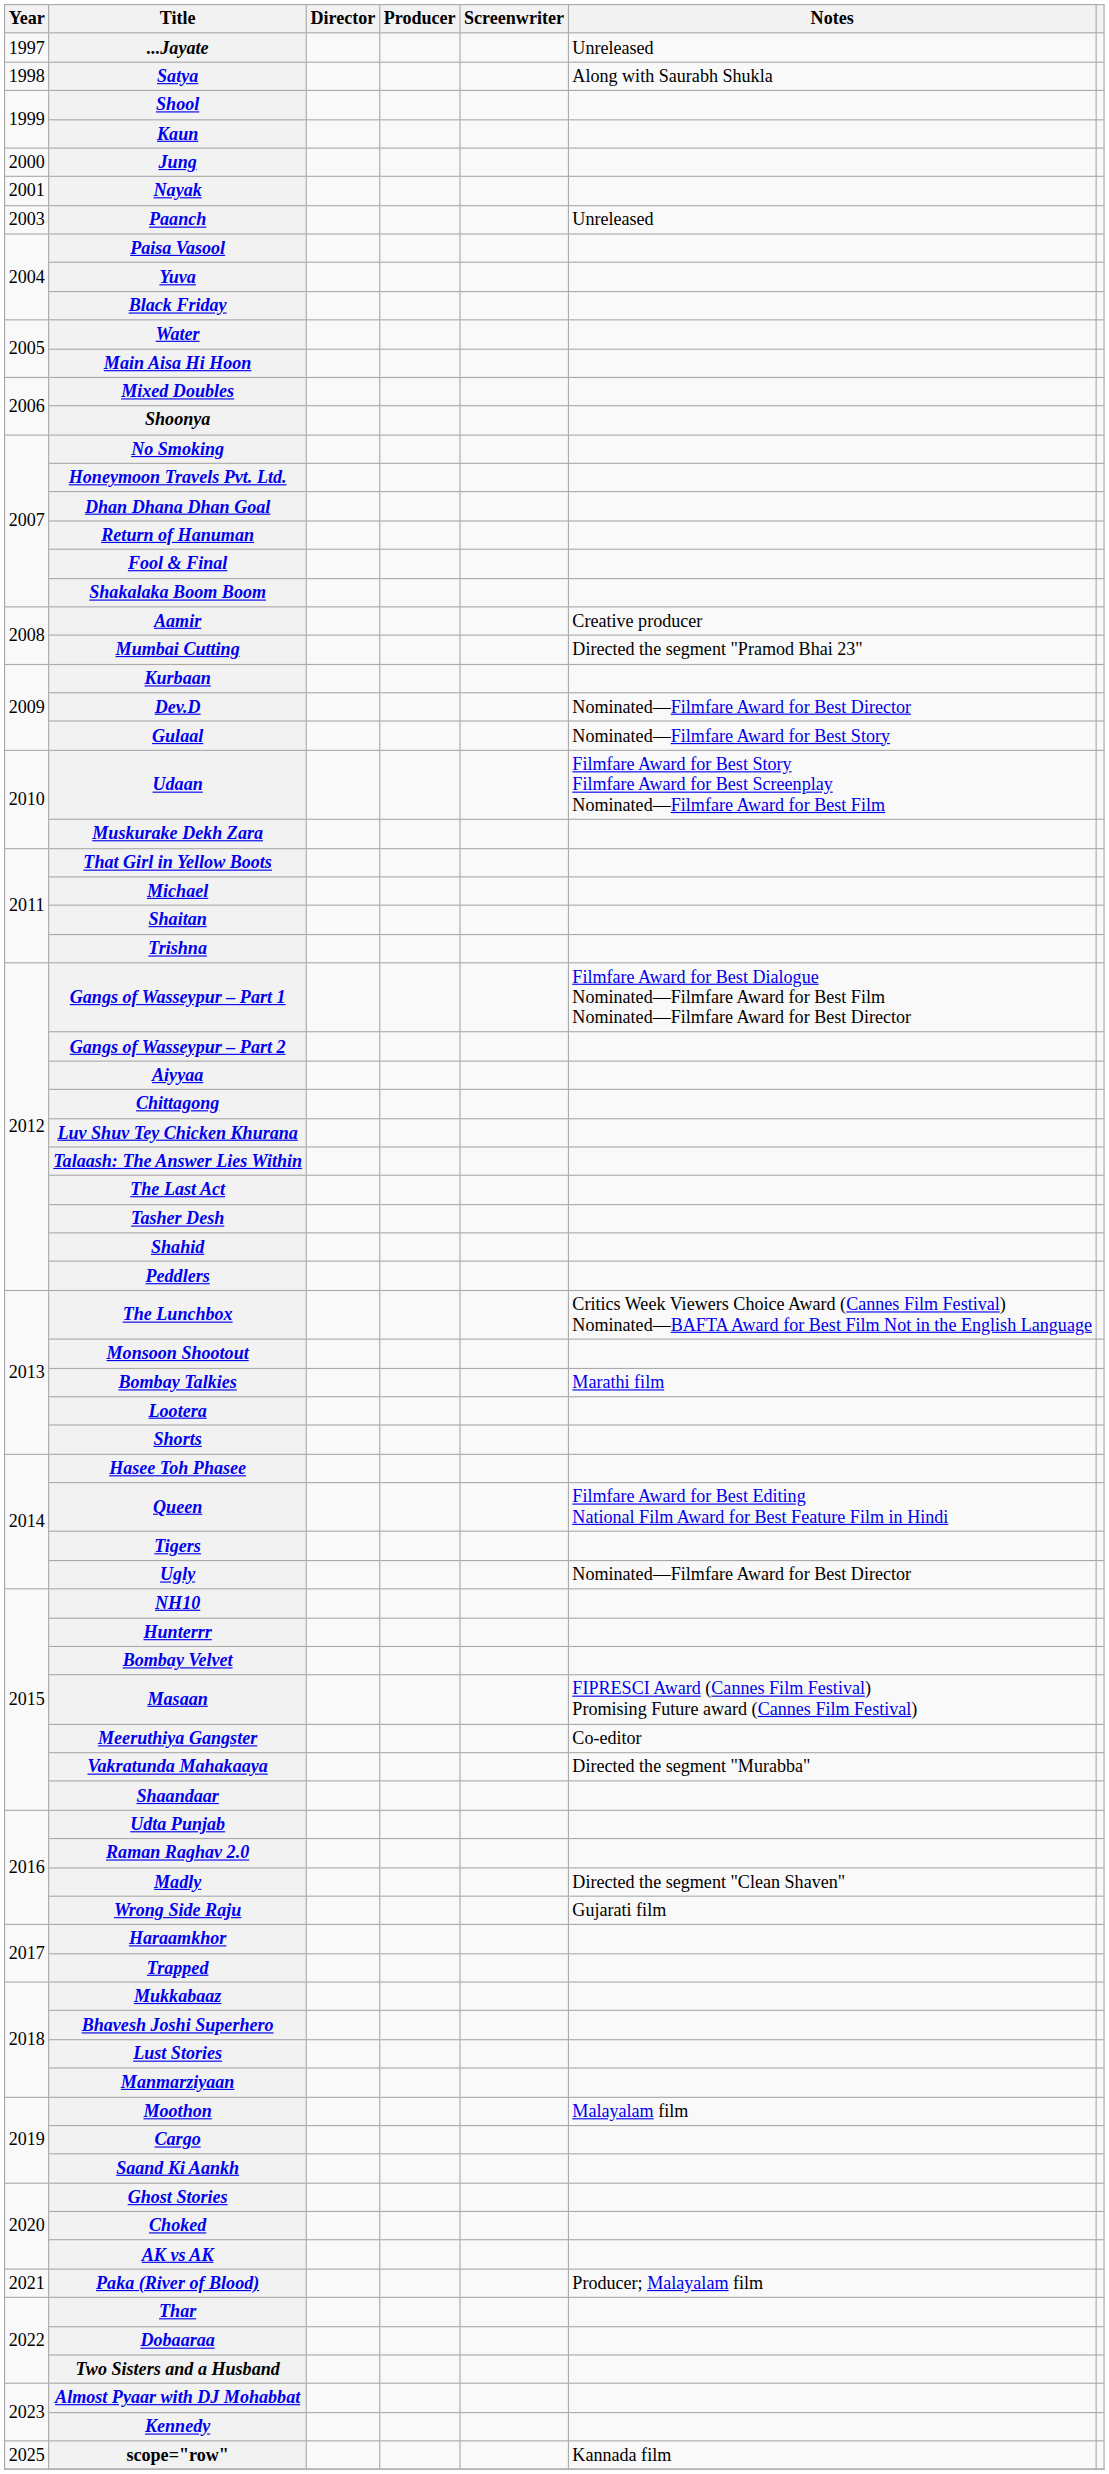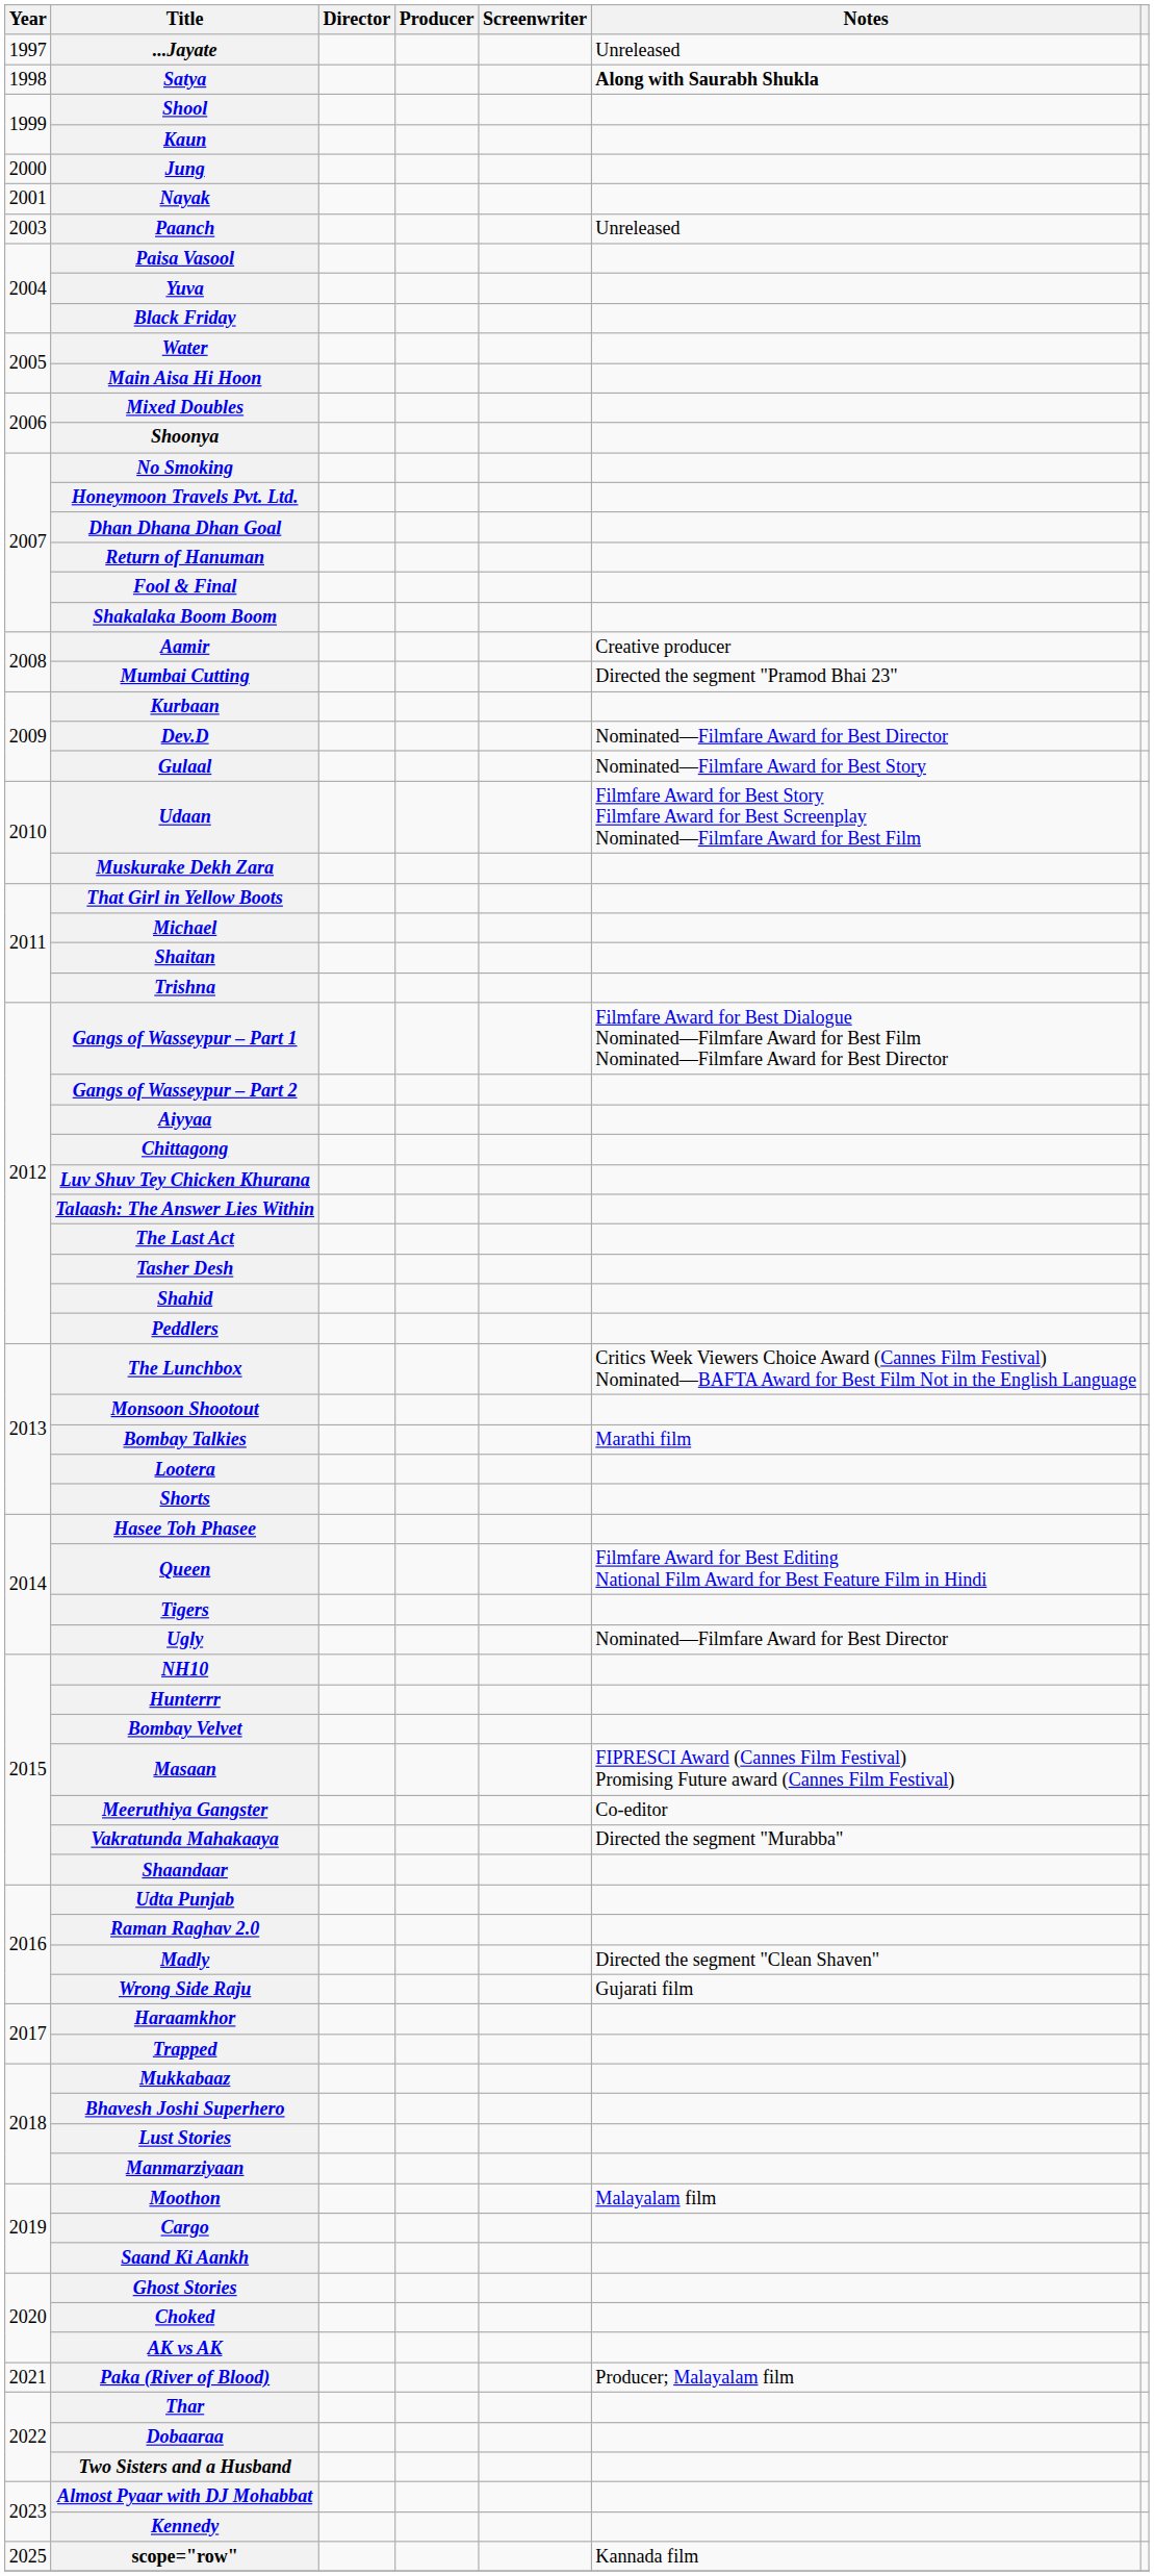 <table class="wikitable sortable plainrowheaders">
 <tr>
 <th scope="col">Year</th>
 <th scope="col">Title</th>
 <th>Director</th>
 <th>Producer</th>
 <th>Screenwriter</th>
 <th scope="col" class="unsortable">Notes</th>
 <th scope="col" class="unsortable"></th>
 </tr>
 <tr>
 <td style="text-align:center;">1997</td>
 <th scope="row"><em> ...Jayate</em></th>
 <td></td>
 <td></td>
 <td></td>
 <td>Unreleased</td>
 <td align="center"></td>
 </tr>
 <tr>
 <td style="text-align:center;">1998</td>
 <th scope="row"><em><a href='#'>Satya</a></em></th>
 <td></td>
 <td></td>
 <td></td>
-<td>Along with Saurabh Shukla</td>
+<td><strong>Along with Saurabh Shukla</strong></td>
 <td align="center"></td>
 </tr>
 <tr>
 <td style="text-align:center;" rowspan="2">1999</td>
 <th scope="row"><em><a href='#'>Shool</a></em></th>
 <td></td>
 <td></td>
 <td></td>
 <td></td>
 <td align="center"></td>
 </tr>
 <tr>
 <th scope="row"><em><a href='#'>Kaun</a></em></th>
 <td></td>
 <td></td>
 <td></td>
 <td></td>
 <td align="center"></td>
 </tr>
 <tr>
 <td style="text-align:center;">2000</td>
 <th scope="row"><em><a href='#'>Jung</a></em></th>
 <td></td>
 <td></td>
 <td></td>
 <td></td>
 <td align="center"></td>
 </tr>
 <tr>
 <td style="text-align:center;">2001</td>
 <th scope="row"><em><a href='#'>Nayak</a></em></th>
 <td></td>
 <td></td>
 <td></td>
 <td></td>
 <td align="center"></td>
 </tr>
 <tr>
 <td style="text-align:center;">2003</td>
 <th scope="row"><em><a href='#'>Paanch</a></em></th>
 <td></td>
 <td></td>
 <td></td>
 <td>Unreleased</td>
 <td align="center"></td>
 </tr>
 <tr>
 <td rowspan="3" style="text-align:center;">2004</td>
 <th scope="row"><em><a href='#'>Paisa Vasool</a></em></th>
 <td></td>
 <td></td>
 <td></td>
 <td></td>
 <td align="center"></td>
 </tr>
 <tr>
 <th scope="row"><em><a href='#'>Yuva</a></em></th>
 <td></td>
 <td></td>
 <td></td>
 <td></td>
 <td align="center"></td>
 </tr>
 <tr>
 <th scope="row"><em><a href='#'>Black Friday</a></em></th>
 <td></td>
 <td></td>
 <td></td>
 <td></td>
 <td align="center"></td>
 </tr>
 <tr>
 <td style="text-align:center;" rowspan="2">2005</td>
 <th scope="row"><em><a href='#'>Water</a></em></th>
 <td></td>
 <td></td>
 <td></td>
 <td></td>
 <td align="center"></td>
 </tr>
 <tr>
 <th scope="row"><em><a href='#'>Main Aisa Hi Hoon</a></em></th>
 <td></td>
 <td></td>
 <td></td>
 <td></td>
 <td align="center"></td>
 </tr>
 <tr>
 <td style="text-align:center;" rowspan="2">2006</td>
 <th scope="row"><em><a href='#'>Mixed Doubles</a></em></th>
 <td></td>
 <td></td>
 <td></td>
 <td></td>
 <td align="center"></td>
 </tr>
 <tr>
 <th scope="row"><em>Shoonya</em></th>
 <td></td>
 <td></td>
 <td></td>
 <td></td>
 <td align="center"></td>
 </tr>
 <tr>
 <td rowspan="6">2007</td>
 <th scope="row"><em><a href='#'>No Smoking</a></em></th>
 <td></td>
 <td></td>
 <td></td>
 <td></td>
 <td align="center"></td>
 </tr>
 <tr>
 <th scope="row"><em><a href='#'>Honeymoon Travels Pvt. Ltd.</a></em></th>
 <td></td>
 <td></td>
 <td></td>
 <td></td>
 <td align="center"></td>
 </tr>
 <tr>
 <th scope="row"><em><a href='#'>Dhan Dhana Dhan Goal</a></em></th>
 <td></td>
 <td></td>
 <td></td>
 <td></td>
 <td align="center"></td>
 </tr>
 <tr>
 <th scope="row"><em><a href='#'>Return of Hanuman</a></em></th>
 <td></td>
 <td></td>
 <td></td>
 <td></td>
 <td align="center"></td>
 </tr>
 <tr>
 <th scope="row"><em><a href='#'>Fool & Final</a></em></th>
 <td></td>
 <td></td>
 <td></td>
 <td></td>
 <td align="center"></td>
 </tr>
 <tr>
 <th scope="row"><em><a href='#'>Shakalaka Boom Boom</a></em></th>
 <td></td>
 <td></td>
 <td></td>
 <td></td>
 <td align="center"></td>
 </tr>
 <tr>
 <td rowspan="2" style="text-align:center;">2008</td>
 <th scope="row"><em><a href='#'>Aamir</a></em></th>
 <td></td>
 <td></td>
 <td></td>
 <td>Creative producer</td>
 <td align="center"></td>
 </tr>
 <tr>
 <th scope="row"><em><a href='#'>Mumbai Cutting</a></em></th>
 <td></td>
 <td></td>
 <td></td>
 <td>Directed the segment "Pramod Bhai 23"</td>
 <td align="center"></td>
 </tr>
 <tr>
 <td style="text-align:center;" rowspan="3">2009</td>
 <th scope="row"><em><a href='#'>Kurbaan</a></em></th>
 <td></td>
 <td></td>
 <td></td>
 <td></td>
 <td align="center"></td>
 </tr>
 <tr>
 <th scope="row"><em><a href='#'>Dev.D</a></em></th>
 <td></td>
 <td></td>
 <td></td>
 <td>Nominated—<a href='#'>Filmfare Award for Best Director</a></td>
 <td align="center"></td>
 </tr>
 <tr>
 <th scope="row"><em><a href='#'>Gulaal</a></em></th>
 <td></td>
 <td></td>
 <td></td>
 <td>Nominated—<a href='#'>Filmfare Award for Best Story</a></td>
 <td align="center"></td>
 </tr>
 <tr>
 <td rowspan="2" style="text-align:center;">2010</td>
 <th scope="row"><em><a href='#'>Udaan</a></em></th>
 <td></td>
 <td></td>
 <td></td>
 <td><a href='#'>Filmfare Award for Best Story</a><br><a href='#'>Filmfare Award for Best Screenplay</a><br>Nominated—<a href='#'>Filmfare Award for Best Film</a></td>
 <td align="center"></td>
 </tr>
 <tr>
 <th scope="row"><em><a href='#'>Muskurake Dekh Zara</a></em></th>
 <td></td>
 <td></td>
 <td></td>
 <td></td>
 <td align="center"></td>
 </tr>
 <tr>
 <td style="text-align:center;" rowspan="4">2011</td>
 <th scope="row"><em><a href='#'>That Girl in Yellow Boots</a></em></th>
 <td></td>
 <td></td>
 <td></td>
 <td></td>
 <td align="center"></td>
 </tr>
 <tr>
 <th scope="row"><em><a href='#'>Michael</a></em></th>
 <td></td>
 <td></td>
 <td></td>
 <td></td>
 <td align="center"></td>
 </tr>
 <tr>
 <th scope="row"><em><a href='#'>Shaitan</a></em></th>
 <td></td>
 <td></td>
 <td></td>
 <td></td>
 <td align="center"></td>
 </tr>
 <tr>
 <th scope="row"><em><a href='#'>Trishna</a></em></th>
 <td></td>
 <td></td>
 <td></td>
 <td></td>
 <td align="center"></td>
 </tr>
 <tr>
 <td style="text-align:center;" rowspan="10">2012</td>
 <th scope="row"><em><a href='#'>Gangs of Wasseypur – Part 1</a></em></th>
 <td></td>
 <td></td>
 <td></td>
 <td><a href='#'>Filmfare Award for Best Dialogue</a><br>Nominated—Filmfare Award for Best Film <br>Nominated—Filmfare Award for Best Director</td>
 <td align="center"><br></td>
 </tr>
 <tr>
 <th scope="row"><em><a href='#'>Gangs of Wasseypur – Part 2</a></em></th>
 <td></td>
 <td></td>
 <td></td>
 <td></td>
 <td align="center"><br></td>
 </tr>
 <tr>
 <th scope="row"><em><a href='#'>Aiyyaa</a></em></th>
 <td></td>
 <td></td>
 <td></td>
 <td></td>
 <td align="center"></td>
 </tr>
 <tr>
 <th scope="row"><em><a href='#'>Chittagong</a></em></th>
 <td></td>
 <td></td>
 <td></td>
 <td></td>
 <td align="center"></td>
 </tr>
 <tr>
 <th scope="row"><em><a href='#'>Luv Shuv Tey Chicken Khurana</a></em></th>
 <td></td>
 <td></td>
 <td></td>
 <td></td>
 <td align="center"></td>
 </tr>
 <tr>
 <th scope="row"><em><a href='#'>Talaash: The Answer Lies Within</a></em></th>
 <td></td>
 <td></td>
 <td></td>
 <td></td>
 <td align="center"></td>
 </tr>
 <tr>
 <th scope="row"><em><a href='#'>The Last Act</a></em></th>
 <td></td>
 <td></td>
 <td></td>
 <td></td>
 <td align="center"></td>
 </tr>
 <tr>
 <th scope="row"><em><a href='#'>Tasher Desh</a></em></th>
 <td></td>
 <td></td>
 <td></td>
 <td></td>
 <td align="center"></td>
 </tr>
 <tr>
 <th scope="row"><em><a href='#'>Shahid</a></em></th>
 <td></td>
 <td></td>
 <td></td>
 <td></td>
 <td align="center"></td>
 </tr>
 <tr>
 <th scope="row"><em><a href='#'>Peddlers</a></em></th>
 <td></td>
 <td></td>
 <td></td>
 <td></td>
 <td align="center"></td>
 </tr>
 <tr>
 <td style="text-align:center;" rowspan="5">2013</td>
 <th scope="row"><em><a href='#'>The Lunchbox</a></em></th>
 <td></td>
 <td></td>
 <td></td>
 <td>Critics Week Viewers Choice Award (<a href='#'>Cannes Film Festival</a>)<br>Nominated—<a href='#'>BAFTA Award for Best Film Not in the English Language</a></td>
 <td align="center"><br></td>
 </tr>
 <tr>
 <th scope="row"><em><a href='#'>Monsoon Shootout</a></em></th>
 <td></td>
 <td></td>
 <td></td>
 <td></td>
 <td align="center"></td>
 </tr>
 <tr>
 <th scope="row"><em><a href='#'>Bombay Talkies</a></em></th>
 <td></td>
 <td></td>
 <td></td>
 <td><a href='#'>Marathi film</a></td>
 <td align="center"></td>
 </tr>
 <tr>
 <th scope="row"><em><a href='#'>Lootera</a></em></th>
 <td></td>
 <td></td>
 <td></td>
 <td></td>
 <td align="center"></td>
 </tr>
 <tr>
 <th scope="row"><em><a href='#'>Shorts</a></em></th>
 <td></td>
 <td></td>
 <td></td>
 <td></td>
 <td align="center"></td>
 </tr>
 <tr>
 <td style="text-align:center;" rowspan="4">2014</td>
 <th scope="row"><em><a href='#'>Hasee Toh Phasee</a></em></th>
 <td></td>
 <td></td>
 <td></td>
 <td></td>
 <td align="center"></td>
 </tr>
 <tr>
 <th scope="row"><em><a href='#'>Queen</a></em></th>
 <td></td>
 <td></td>
 <td></td>
 <td><a href='#'>Filmfare Award for Best Editing</a><br><a href='#'>National Film Award for Best Feature Film in Hindi</a></td>
 <td align="center"><br><br></td>
 </tr>
 <tr>
 <th scope="row"><em><a href='#'>Tigers</a></em></th>
 <td></td>
 <td></td>
 <td></td>
 <td></td>
 <td align="center"></td>
 </tr>
 <tr>
 <th scope="row"><em><a href='#'>Ugly</a></em></th>
 <td></td>
 <td></td>
 <td></td>
 <td>Nominated—Filmfare Award for Best Director</td>
 <td align="center"><br></td>
 </tr>
 <tr>
 <td style="text-align:center;" rowspan="7">2015</td>
 <th scope="row"><em><a href='#'>NH10</a></em></th>
 <td></td>
 <td></td>
 <td></td>
 <td></td>
 <td align="center"></td>
 </tr>
 <tr>
 <th scope="row"><em><a href='#'>Hunterrr</a></em></th>
 <td></td>
 <td></td>
 <td></td>
 <td></td>
 <td align="center"></td>
 </tr>
 <tr>
 <th scope="row"><em><a href='#'>Bombay Velvet</a></em></th>
 <td></td>
 <td></td>
 <td></td>
 <td></td>
 <td align="center"></td>
 </tr>
 <tr>
 <th scope="row"><em><a href='#'>Masaan</a></em></th>
 <td></td>
 <td></td>
 <td></td>
 <td><a href='#'>FIPRESCI Award</a> (<a href='#'>Cannes Film Festival</a>)<br>Promising Future award (<a href='#'>Cannes Film Festival</a>)</td>
 <td align="center"></td>
 </tr>
 <tr>
 <th scope="row"><em><a href='#'>Meeruthiya Gangster</a></em></th>
 <td></td>
 <td></td>
 <td></td>
 <td>Co-editor</td>
 <td align="center"></td>
 </tr>
 <tr>
 <th scope="row"><em><a href='#'>Vakratunda Mahakaaya</a></em></th>
 <td></td>
 <td></td>
 <td></td>
 <td>Directed the segment "Murabba"</td>
 <td align="center"></td>
 </tr>
 <tr>
 <th scope="row"><em><a href='#'>Shaandaar</a></em></th>
 <td></td>
 <td></td>
 <td></td>
 <td></td>
 <td align="center"></td>
 </tr>
 <tr>
 <td style="text-align:center;" rowspan="4">2016</td>
 <th scope="row"><em><a href='#'>Udta Punjab</a></em></th>
 <td></td>
 <td></td>
 <td></td>
 <td></td>
 <td align="center"></td>
 </tr>
 <tr>
 <th scope="row"><em><a href='#'>Raman Raghav 2.0</a></em></th>
 <td></td>
 <td></td>
 <td></td>
 <td></td>
 <td align="center"></td>
 </tr>
 <tr>
 <th scope="row"><em><a href='#'>Madly</a></em></th>
 <td></td>
 <td></td>
 <td></td>
 <td>Directed the segment "Clean Shaven"</td>
 <td align="center"></td>
 </tr>
 <tr>
 <th scope="row"><em><a href='#'>Wrong Side Raju</a></em></th>
 <td></td>
 <td></td>
 <td></td>
 <td>Gujarati film</td>
 <td align="center"></td>
 </tr>
 <tr>
 <td style="text-align:center;" rowspan="2">2017</td>
 <th scope="row"><em><a href='#'>Haraamkhor</a></em></th>
 <td></td>
 <td></td>
 <td></td>
 <td></td>
 <td align="center"></td>
 </tr>
 <tr>
 <th scope="row"><em><a href='#'>Trapped</a></em></th>
 <td></td>
 <td></td>
 <td></td>
 <td></td>
 <td align="center"></td>
 </tr>
 <tr>
 <td style="text-align:center;" rowspan="4">2018</td>
 <th scope="row"><em><a href='#'>Mukkabaaz</a></em></th>
 <td></td>
 <td></td>
 <td></td>
 <td></td>
 <td align="center"></td>
 </tr>
 <tr>
 <th scope="row"><em><a href='#'>Bhavesh Joshi Superhero</a></em></th>
 <td></td>
 <td></td>
 <td></td>
 <td></td>
 <td align="center"></td>
 </tr>
 <tr>
 <th scope="row"><em><a href='#'>Lust Stories</a></em></th>
 <td></td>
 <td></td>
 <td></td>
 <td></td>
 <td align="center"></td>
 </tr>
 <tr>
 <th scope="row"><em><a href='#'>Manmarziyaan</a></em></th>
 <td></td>
 <td></td>
 <td></td>
 <td></td>
 <td align="center"></td>
 </tr>
 <tr>
 <td style="text-align:center;" rowspan="3">2019</td>
 <th scope="row"><em><a href='#'>Moothon</a></em></th>
 <td></td>
 <td></td>
 <td></td>
 <td><a href='#'>Malayalam</a> film</td>
 <td align="center"></td>
 </tr>
 <tr>
 <th scope="row"><em><a href='#'>Cargo</a></em></th>
 <td></td>
 <td></td>
 <td></td>
 <td></td>
 <td align="center"></td>
 </tr>
 <tr>
 <th scope="row"><em><a href='#'>Saand Ki Aankh</a></em></th>
 <td></td>
 <td></td>
 <td></td>
 <td></td>
 <td align="center"></td>
 </tr>
 <tr>
 <td style="text-align:center;" rowspan="3">2020</td>
 <th scope="row"><em><a href='#'>Ghost Stories</a></em></th>
 <td></td>
 <td></td>
 <td></td>
 <td></td>
 <td align="center"></td>
 </tr>
 <tr>
 <th scope="row"><em><a href='#'>Choked</a></em></th>
 <td></td>
 <td></td>
 <td></td>
 <td></td>
 <td align="center"></td>
 </tr>
 <tr>
 <th scope="row"><em><a href='#'>AK vs AK</a></em></th>
 <td></td>
 <td></td>
 <td></td>
 <td></td>
 <td align="center"></td>
 </tr>
 <tr>
 <td style="text-align:center;">2021</td>
 <th scope="row"><em><a href='#'>Paka (River of Blood)</a></em></th>
 <td></td>
 <td></td>
 <td></td>
 <td>Producer; <a href='#'>Malayalam</a> film</td>
 <td align="center"></td>
 </tr>
 <tr>
 <td style="text-align:center;" rowspan="3">2022</td>
 <th scope="row"><em><a href='#'>Thar</a></em></th>
 <td></td>
 <td></td>
 <td></td>
 <td></td>
 <td align="center"></td>
 </tr>
 <tr>
 <th scope="row"><em><a href='#'>Dobaaraa</a></em></th>
 <td></td>
 <td></td>
 <td></td>
 <td></td>
 <td align="center"></td>
 </tr>
 <tr>
 <th scope="row"><em>Two Sisters and a Husband</em></th>
 <td></td>
 <td></td>
 <td></td>
 <td></td>
 <td align="center"></td>
 </tr>
 <tr>
 <td style="text-align:center;" rowspan=2>2023</td>
 <th scope="row"><em><a href='#'>Almost Pyaar with DJ Mohabbat</a></em></th>
 <td></td>
 <td></td>
 <td></td>
 <td></td>
 <td align="center"></td>
 </tr>
 <tr>
 <th scope="row"><em><a href='#'>Kennedy</a></em></th>
 <td></td>
 <td></td>
 <td></td>
 <td></td>
 <td align="center"></td>
 </tr>
 <tr>
 <td>2025</td>
 <th>scope="row" </th>
 <td></td>
 <td></td>
 <td></td>
 <td>Kannada film</td>
 <td align="center"></td>
 </tr>
 <tr>
 </tr>
 </table>
